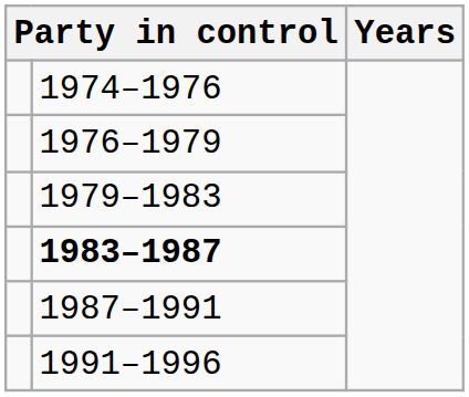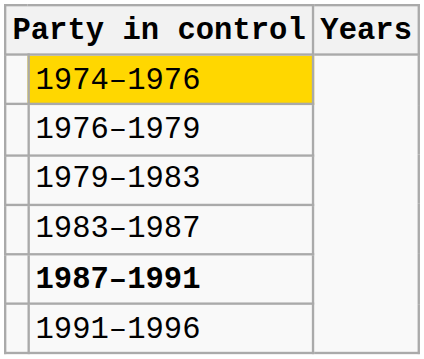 <table class="wikitable">
 <tr>
 <th colspan="2">Party in control</th>
 <th>Years</th>
 </tr>
 <tr>
 <td></td>
-<td>1974–1976</td>
+<td style="background: gold;">1974–1976</td>
 </tr>
 <tr>
 <td></td>
 <td>1976–1979</td>
 </tr>
 <tr>
 <td></td>
 <td>1979–1983</td>
 </tr>
 <tr>
 <td></td>
-<td><strong>1983–1987</strong></td>
+<td>1983–1987</td>
 </tr>
 <tr>
 <td></td>
-<td>1987–1991</td>
+<td><strong>1987–1991</strong></td>
 </tr>
 <tr>
 <td></td>
 <td>1991–1996</td>
 </tr>
 </table>
